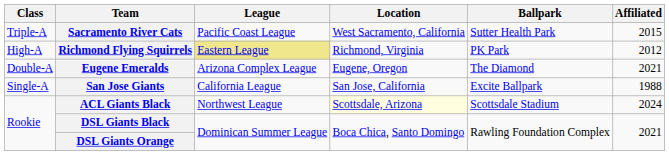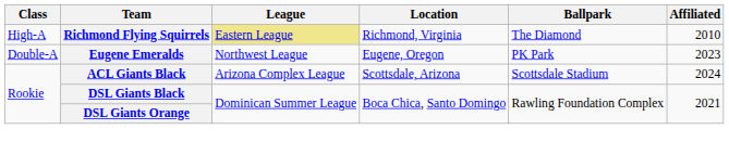 <table class="wikitable plainrowheaders sortable">
 <tr>
 <th scope="col">Class</th>
 <th scope="col">Team</th>
 <th scope="col">League</th>
 <th scope="col">Location</th>
 <th scope="col">Ballpark</th>
 <th scope="col">Affiliated</th>
 </tr>
 <tr>
-<td><a href='#'>Triple-A</a></td>
-<th scope="row"><a href='#'>Sacramento River Cats</a></th>
-<td><a href='#'>Pacific Coast League</a></td>
-<td><a href='#'>West Sacramento, California</a></td>
-<td><a href='#'>Sutter Health Park</a></td>
-<td align="right">2015</td>
-</tr>
-<tr>
 <td><a href='#'>High-A</a></td>
 <th scope="row"><a href='#'>Richmond Flying Squirrels</a></th>
 <td style="background: khaki;"><a href='#'>Eastern League</a></td>
 <td><a href='#'>Richmond, Virginia</a></td>
-<td><a href='#'>PK Park</a></td>
-<td align="right">2012</td>
+<td><a href='#'>The Diamond</a></td>
+<td align="right">2010</td>
 </tr>
 <tr>
 <td><a href='#'>Double-A</a></td>
 <th scope="row"><a href='#'>Eugene Emeralds</a></th>
-<td><a href='#'>Arizona Complex League</a></td>
+<td><a href='#'>Northwest League</a></td>
 <td><a href='#'>Eugene, Oregon</a></td>
-<td><a href='#'>The Diamond</a></td>
-<td align="right">2021</td>
-</tr>
-<tr>
-<td><a href='#'>Single-A</a></td>
-<th scope="row"><a href='#'>San Jose Giants</a></th>
-<td><a href='#'>California League</a></td>
-<td><a href='#'>San Jose, California</a></td>
-<td><a href='#'>Excite Ballpark</a></td>
-<td align="right">1988</td>
+<td><a href='#'>PK Park</a></td>
+<td align="right">2023</td>
 </tr>
 <tr>
 <td rowspan=3><a href='#'>Rookie</a></td>
 <th scope="row"><a href='#'>ACL Giants Black</a></th>
-<td><a href='#'>Northwest League</a></td>
-<td style="background: lightyellow;"><a href='#'>Scottsdale, Arizona</a></td>
+<td><a href='#'>Arizona Complex League</a></td>
+<td><a href='#'>Scottsdale, Arizona</a></td>
 <td><a href='#'>Scottsdale Stadium</a></td>
 <td align="right">2024</td>
 </tr>
 <tr>
 <th scope="row"><a href='#'>DSL Giants Black</a></th>
 <td rowspan=2><a href='#'>Dominican Summer League</a></td>
 <td rowspan=2><a href='#'>Boca Chica</a>, <a href='#'>Santo Domingo</a></td>
 <td rowspan=2>Rawling Foundation Complex</td>
 <td rowspan=2 align="right">2021</td>
 </tr>
 <tr>
 <th scope="row"><a href='#'>DSL Giants Orange</a></th>
 </tr>
 </table>
